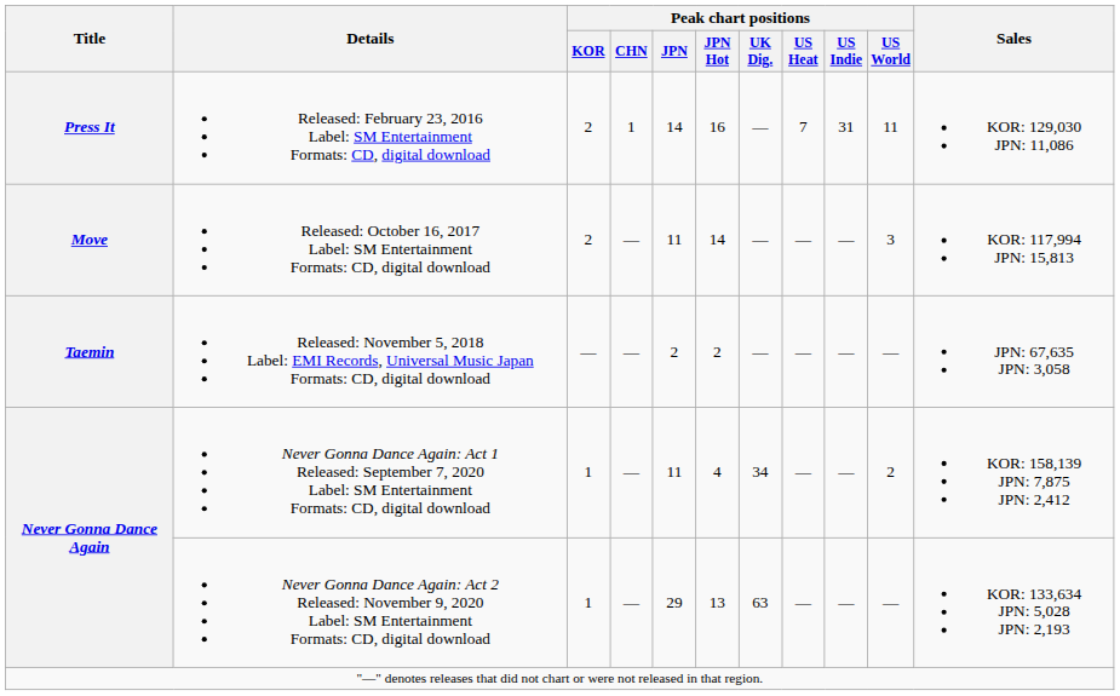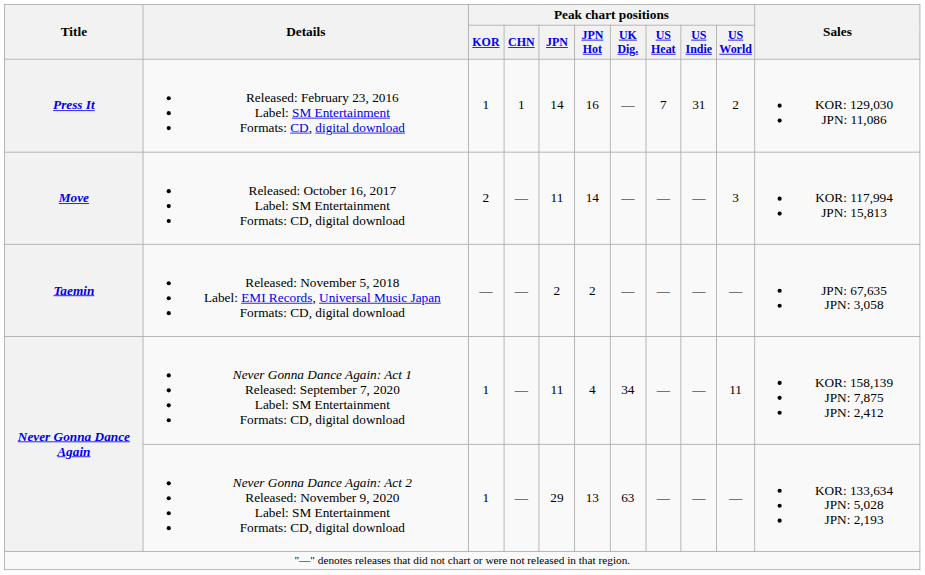 <table class="wikitable plainrowheaders" style="text-align:center;">
 <tr>
 <th scope="col" rowspan="2" style="width:10em;">Title</th>
 <th scope="col" rowspan="2" style="width:24em;">Details</th>
 <th scope="col" colspan="8">Peak chart positions</th>
 <th scope="col" rowspan="2" style="width:12em;">Sales</th>
 </tr>
 <tr>
 <th style="width:2.5em; font-size:90%"><a href='#'>KOR</a><br></th>
 <th style="width:2.5em; font-size:90%"><a href='#'>CHN</a><br></th>
 <th style="width:2.5em; font-size:90%"><a href='#'>JPN</a><br></th>
 <th style="width:2.5em; font-size:90%"><a href='#'>JPN<br>Hot</a><br></th>
 <th style="width:2.5em; font-size:90%"><a href='#'>UK<br>Dig.</a><br></th>
 <th style="width:2.5em; font-size:90%"><a href='#'>US<br>Heat</a><br></th>
 <th style="width:2.5em; font-size:90%"><a href='#'>US<br>Indie</a><br></th>
 <th style="width:2.5em; font-size:90%"><a href='#'>US<br>World</a><br></th>
 </tr>
 <tr>
 <th scope="row"><em><a href='#'>Press It</a></em></th>
 <td><br><ul><li>Released: February 23, 2016 </li><li>Label: <a href='#'>SM Entertainment</a></li><li>Formats: <a href='#'>CD</a>, <a href='#'>digital download</a></li></ul></td>
-<td>2</td>
+<td>1</td>
 <td>1</td>
 <td>14</td>
 <td>16</td>
 <td>—</td>
 <td>7</td>
 <td>31</td>
-<td>11</td>
+<td>2</td>
 <td><br><ul><li>KOR: 129,030</li><li>JPN: 11,086</li></ul></td>
 </tr>
 <tr>
 <th scope="row"><em><a href='#'>Move</a></em></th>
 <td><br><ul><li>Released: October 16, 2017 </li><li>Label: SM Entertainment</li><li>Formats: CD, digital download</li></ul></td>
 <td>2</td>
 <td>—</td>
 <td>11</td>
 <td>14</td>
 <td>—</td>
 <td>—</td>
 <td>—</td>
 <td>3</td>
 <td><br><ul><li>KOR: 117,994</li><li>JPN: 15,813</li></ul></td>
 </tr>
 <tr>
 <th scope="row"><em><a href='#'>Taemin</a></em></th>
 <td><br><ul><li>Released: November 5, 2018 </li><li>Label: <a href='#'>EMI Records</a>, <a href='#'>Universal Music Japan</a></li><li>Formats: CD, digital download</li></ul></td>
 <td>—</td>
 <td>—</td>
 <td>2</td>
 <td>2</td>
 <td>—</td>
 <td>—</td>
 <td>—</td>
 <td>—</td>
 <td><br><ul><li>JPN: 67,635 </li><li>JPN: 3,058 </li></ul></td>
 </tr>
 <tr>
 <th scope="row" rowspan="2"><em><a href='#'>Never Gonna Dance Again</a></em></th>
 <td><br><ul><li><em>Never Gonna Dance Again: Act 1</em></li><li>Released: September 7, 2020 </li><li>Label: SM Entertainment</li><li>Formats: CD, digital download</li></ul></td>
 <td>1</td>
 <td>—</td>
 <td>11</td>
 <td>4</td>
 <td>34</td>
 <td>—</td>
 <td>—</td>
-<td>2</td>
+<td>11</td>
 <td><br><ul><li>KOR: 158,139</li><li>JPN: 7,875 </li><li>JPN: 2,412 </li></ul></td>
 </tr>
 <tr>
 <td><br><ul><li><em>Never Gonna Dance Again: Act 2</em></li><li>Released: November 9, 2020 </li><li>Label: SM Entertainment</li><li>Formats: CD, digital download</li></ul></td>
 <td>1</td>
 <td>—</td>
 <td>29</td>
 <td>13</td>
 <td>63</td>
 <td>—</td>
 <td>—</td>
 <td>—</td>
 <td><br><ul><li>KOR: 133,634</li><li>JPN: 5,028 </li><li>JPN: 2,193 </li></ul></td>
 </tr>
 <tr>
 <td colspan="11" style="text-align:center; font-size:85%">"—" denotes releases that did not chart or were not released in that region.</td>
 </tr>
 </table>
